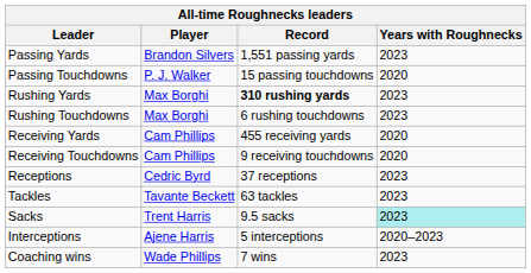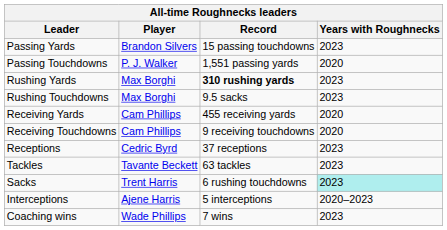 <table class="wikitable">
 <tr>
 <th colspan="5">All-time Roughnecks leaders</th>
 </tr>
 <tr>
 <th>Leader</th>
 <th>Player</th>
 <th>Record</th>
 <th>Years with Roughnecks</th>
 </tr>
 <tr>
 <td>Passing Yards</td>
 <td><a href='#'>Brandon Silvers</a></td>
-<td>1,551 passing yards</td>
+<td>15 passing touchdowns</td>
 <td>2023</td>
 </tr>
 <tr>
 <td>Passing Touchdowns</td>
 <td><a href='#'>P. J. Walker</a></td>
-<td>15 passing touchdowns</td>
+<td>1,551 passing yards</td>
 <td>2020</td>
 </tr>
 <tr>
 <td>Rushing Yards</td>
 <td><a href='#'>Max Borghi</a></td>
 <td><strong>310 rushing yards</strong></td>
 <td>2023</td>
 </tr>
 <tr>
 <td>Rushing Touchdowns</td>
 <td><a href='#'>Max Borghi</a></td>
-<td>6 rushing touchdowns</td>
+<td>9.5 sacks</td>
 <td>2023</td>
 </tr>
 <tr>
 <td>Receiving Yards</td>
 <td><a href='#'>Cam Phillips</a></td>
 <td>455 receiving yards</td>
 <td>2020</td>
 </tr>
 <tr>
 <td>Receiving Touchdowns</td>
 <td><a href='#'>Cam Phillips</a></td>
 <td>9 receiving touchdowns</td>
 <td>2020</td>
 </tr>
 <tr>
 <td>Receptions</td>
 <td><a href='#'>Cedric Byrd</a></td>
 <td>37 receptions</td>
 <td>2023</td>
 </tr>
 <tr>
 <td>Tackles</td>
 <td><a href='#'>Tavante Beckett</a></td>
 <td>63 tackles</td>
 <td>2023</td>
 </tr>
 <tr>
 <td>Sacks</td>
 <td><a href='#'>Trent Harris</a></td>
-<td>9.5 sacks</td>
+<td>6 rushing touchdowns</td>
 <td style="background: paleturquoise;">2023</td>
 </tr>
 <tr>
 <td>Interceptions</td>
 <td><a href='#'>Ajene Harris</a></td>
 <td>5 interceptions</td>
 <td>2020–2023</td>
 </tr>
 <tr>
 <td>Coaching wins</td>
 <td><a href='#'>Wade Phillips</a></td>
 <td>7 wins</td>
 <td>2023</td>
 </tr>
 </table>
